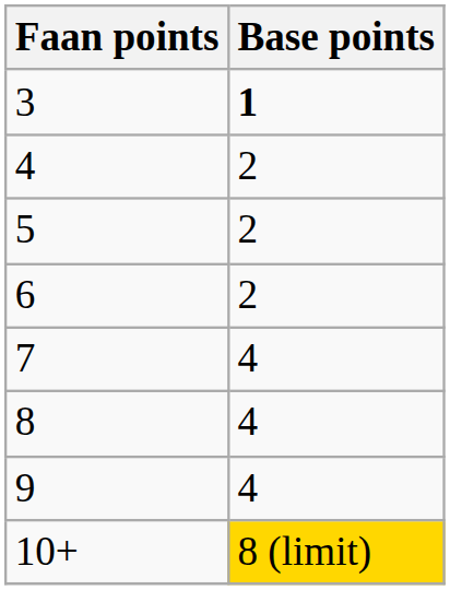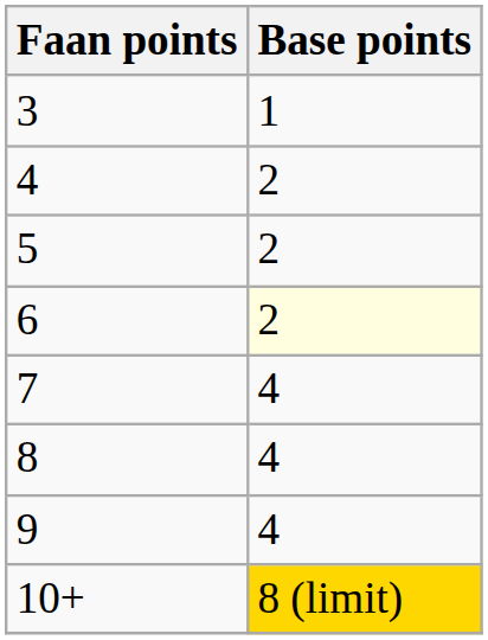 <table class="wikitable">
 <tr>
 <th>Faan points</th>
 <th>Base points</th>
 </tr>
 <tr>
 <td>3</td>
-<td><strong>1</strong></td>
+<td>1</td>
 </tr>
 <tr>
 <td>4</td>
 <td>2</td>
 </tr>
 <tr>
 <td>5</td>
 <td>2</td>
 </tr>
 <tr>
 <td>6</td>
-<td>2</td>
+<td style="background: lightyellow;">2</td>
 </tr>
 <tr>
 <td>7</td>
 <td>4</td>
 </tr>
 <tr>
 <td>8</td>
 <td>4</td>
 </tr>
 <tr>
 <td>9</td>
 <td>4</td>
 </tr>
 <tr>
 <td>10+</td>
 <td style="background: gold;">8 (limit)</td>
 </tr>
 <tr>
 </tr>
 </table>
